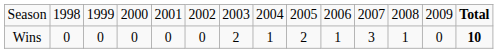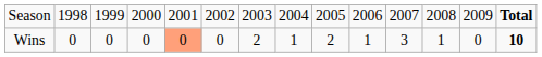 <table class="wikitable sortable">
 <tr>
 <td>Season</td>
 <td>1998</td>
 <td>1999</td>
 <td>2000</td>
 <td>2001</td>
 <td>2002</td>
 <td>2003</td>
 <td>2004</td>
 <td>2005</td>
 <td>2006</td>
 <td>2007</td>
 <td>2008</td>
 <td>2009</td>
 <td><strong>Total</strong></td>
 </tr>
 <tr align=center>
 <td>Wins</td>
 <td>0</td>
 <td>0</td>
 <td>0</td>
-<td>0</td>
+<td style="background: lightsalmon;">0</td>
 <td>0</td>
 <td>2</td>
 <td>1</td>
 <td>2</td>
 <td>1</td>
 <td>3</td>
 <td>1</td>
 <td>0</td>
 <td><strong>10</strong></td>
 </tr>
 </table>
